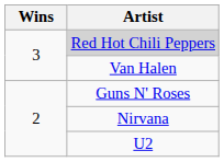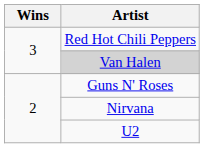 <table class="wikitable" rowspan="2" style="text-align:center">
 <tr>
 <th scope="col" style="width:55px;">Wins</th>
 <th scope="col" style="text-align:center;">Artist</th>
 </tr>
 <tr>
 <td rowspan="2" style="text-align:center">3</td>
-<td style="background: lightgrey;"><a href='#'>Red Hot Chili Peppers</a></td>
+<td><a href='#'>Red Hot Chili Peppers</a></td>
 </tr>
 <tr>
-<td><a href='#'>Van Halen</a></td>
+<td style="background: lightgrey;"><a href='#'>Van Halen</a></td>
 </tr>
 <tr>
 <td rowspan="3" style="text-align:center">2</td>
 <td><a href='#'>Guns N' Roses</a></td>
 </tr>
 <tr>
 <td><a href='#'>Nirvana</a></td>
 </tr>
 <tr>
 <td><a href='#'>U2</a></td>
 </tr>
 </table>
